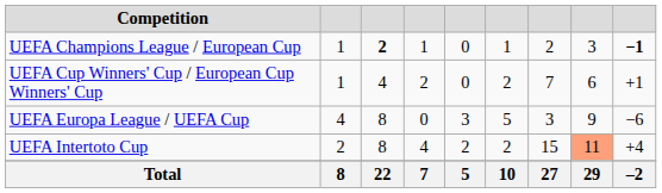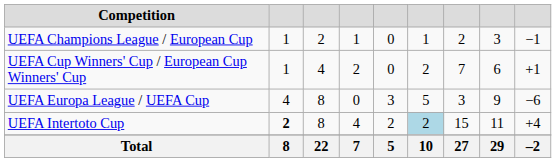 <table class="wikitable" style="text-align: center;">
 <tr>
 <th width="321" style="background:#DCDCDC"style="background:#23308A;color:white;border:1px solid white">Competition</th>
 <th width="35" style="background:#DCDCDC" style="background:#23308A;color:white;border:1px solid white"></th>
 <th width="35" style="background:#DCDCDC" style="background:#23308A;color:white;border:1px solid white"></th>
 <th width="35" style="background:#DCDCDC" style="background:#23308A;color:white;border:1px solid white"></th>
 <th width="35" style="background:#DCDCDC" style="background:#23308A;color:white;border:1px solid white"></th>
 <th width="35" style="background:#DCDCDC" style="background:#23308A;color:white;border:1px solid white"></th>
 <th width="35" style="background:#DCDCDC" style="background:#23308A;color:white;border:1px solid white"></th>
 <th width="35" style="background:#DCDCDC" style="background:#23308A;color:white;border:1px solid white"></th>
 <th width="35" style="background:#DCDCDC" style="background:#23308A;color:white;border:1px solid white"></th>
 </tr>
 <tr>
 <td style="text-align:left"><a href='#'>UEFA Champions League</a> / <a href='#'>European Cup</a></td>
 <td>1</td>
-<td><strong>2</strong></td>
+<td>2</td>
 <td>1</td>
 <td>0</td>
 <td>1</td>
 <td>2</td>
 <td>3</td>
-<td><strong>−1</strong></td>
+<td>−1</td>
 </tr>
 <tr>
 <td style="text-align:left"><a href='#'>UEFA Cup Winners' Cup</a> / <a href='#'>European Cup Winners' Cup</a> </td>
 <td>1</td>
 <td>4</td>
 <td>2</td>
 <td>0</td>
 <td>2</td>
 <td>7</td>
 <td>6</td>
 <td>+1</td>
 </tr>
 <tr>
 <td style="text-align:left"><a href='#'>UEFA Europa League</a> / <a href='#'>UEFA Cup</a></td>
 <td>4</td>
 <td>8</td>
 <td>0</td>
 <td>3</td>
 <td>5</td>
 <td>3</td>
 <td>9</td>
 <td>−6</td>
 </tr>
 <tr>
 <td style="text-align:left"><a href='#'>UEFA Intertoto Cup</a></td>
-<td>2</td>
+<td><strong>2</strong></td>
 <td>8</td>
 <td>4</td>
 <td>2</td>
-<td>2</td>
+<td style="background: lightblue;">2</td>
 <td>15</td>
-<td style="background: lightsalmon;">11</td>
+<td>11</td>
 <td>+4</td>
 </tr>
 <tr>
 </tr>
 <tr class="sortbottom">
 <th>Total</th>
 <th>8</th>
 <th>22</th>
 <th>7</th>
 <th>5</th>
 <th>10</th>
 <th>27</th>
 <th>29</th>
 <th>–2</th>
 </tr>
 </table>
